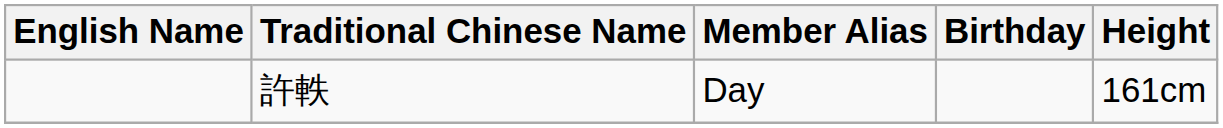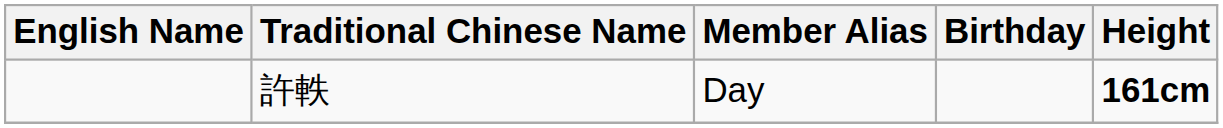 <table class="wikitable">
 <tr>
 <th>English Name</th>
 <th>Traditional Chinese Name</th>
 <th>Member Alias</th>
 <th>Birthday</th>
 <th>Height</th>
 </tr>
 <tr>
 <td></td>
 <td>許軼</td>
 <td>Day</td>
 <td> </td>
-<td>161cm</td>
+<td><strong>161cm</strong></td>
 </tr>
 <tr>
 </tr>
 </table>
